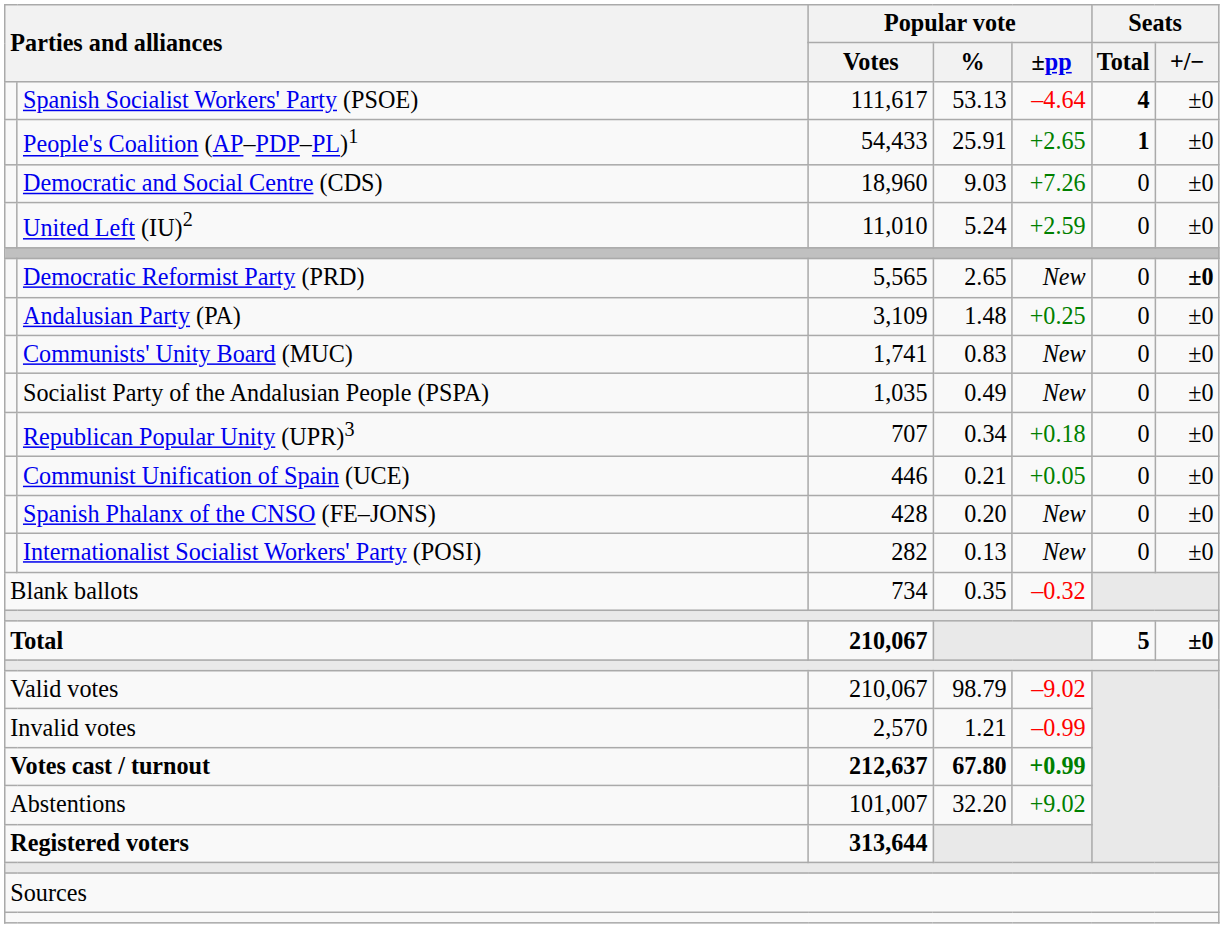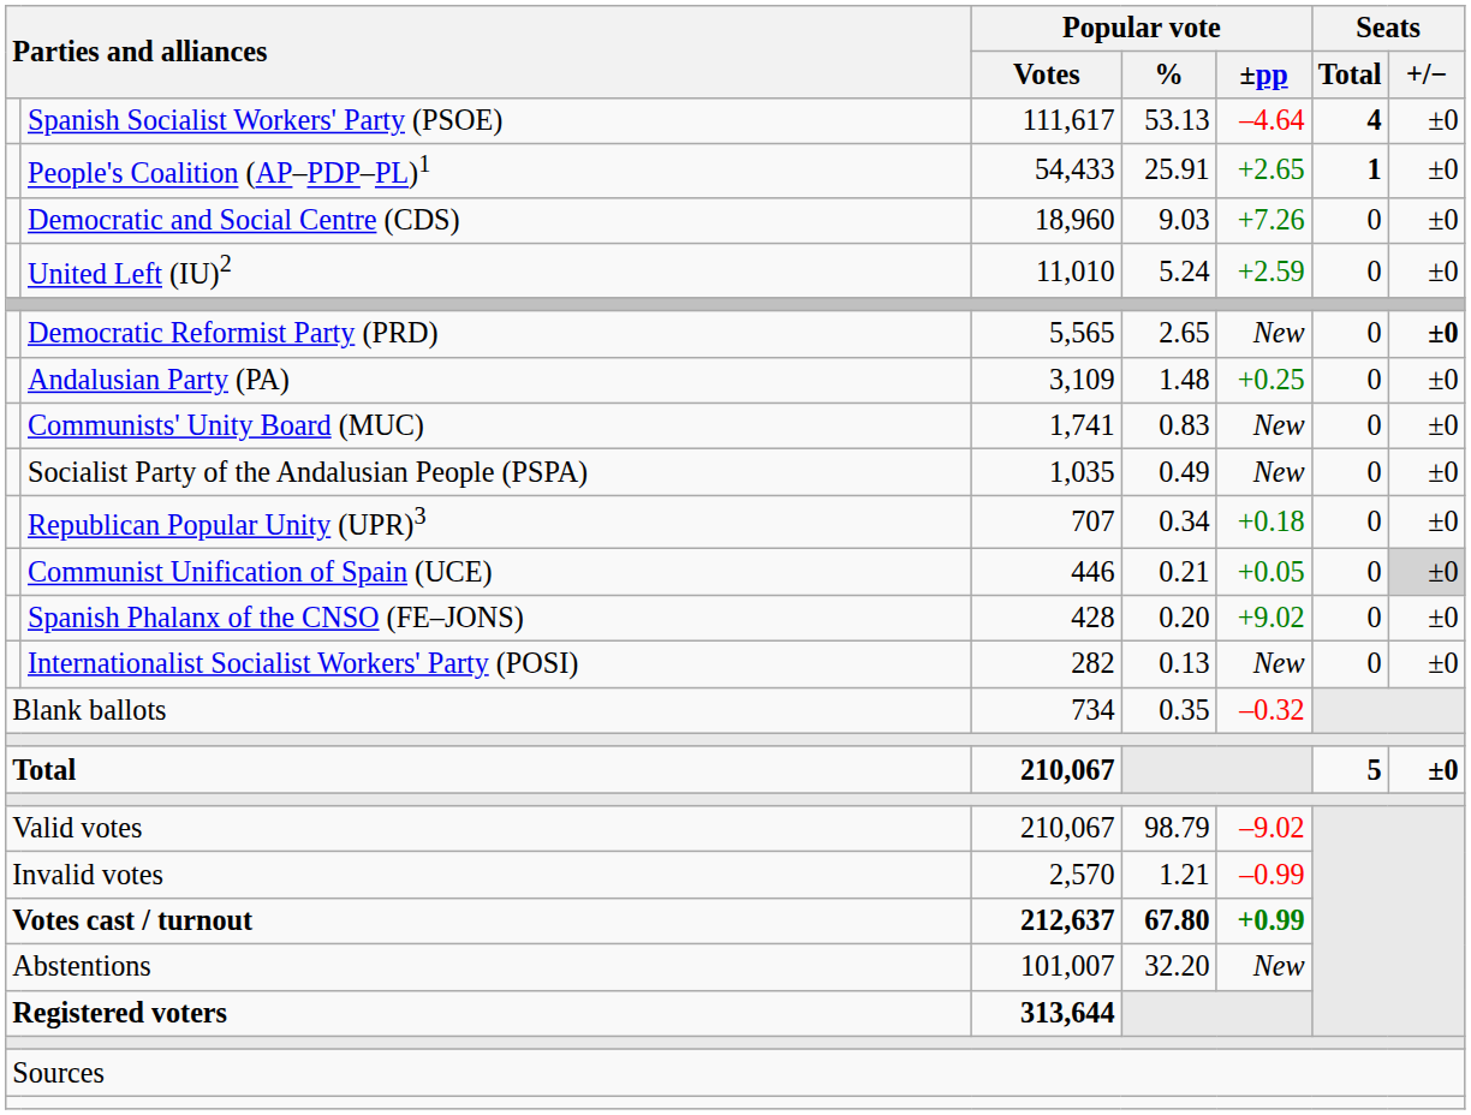 <table class="wikitable" style="text-align:right;">
 <tr>
 <th style="text-align:left;" rowspan="2" colspan="2" width="525">Parties and alliances</th>
 <th colspan="3">Popular vote</th>
 <th colspan="2">Seats</th>
 </tr>
 <tr>
 <th width="75">Votes</th>
 <th width="45">%</th>
 <th width="45">±<a href='#'>pp</a></th>
 <th width="35">Total</th>
 <th width="35">+/−</th>
 </tr>
 <tr>
 <td width="1" style="color:inherit;background:"></td>
 <td align="left"><a href='#'>Spanish Socialist Workers' Party</a> (PSOE)</td>
 <td>111,617</td>
 <td>53.13</td>
 <td style="color:red;">–4.64</td>
 <td><strong>4</strong></td>
 <td>±0</td>
 </tr>
 <tr>
 <td style="color:inherit;background:"></td>
 <td align="left"><a href='#'>People's Coalition</a> (<a href='#'>AP</a>–<a href='#'>PDP</a>–<a href='#'>PL</a>)<sup>1</sup></td>
 <td>54,433</td>
 <td>25.91</td>
 <td style="color:green;">+2.65</td>
 <td><strong>1</strong></td>
 <td>±0</td>
 </tr>
 <tr>
 <td style="color:inherit;background:"></td>
 <td align="left"><a href='#'>Democratic and Social Centre</a> (CDS)</td>
 <td>18,960</td>
 <td>9.03</td>
 <td style="color:green;">+7.26</td>
 <td>0</td>
 <td>±0</td>
 </tr>
 <tr>
 <td style="color:inherit;background:"></td>
 <td align="left"><a href='#'>United Left</a> (IU)<sup>2</sup></td>
 <td>11,010</td>
 <td>5.24</td>
 <td style="color:green;">+2.59</td>
 <td>0</td>
 <td>±0</td>
 </tr>
 <tr>
 <td colspan="7" bgcolor="#C0C0C0"></td>
 </tr>
 <tr>
 <td style="color:inherit;background:"></td>
 <td align="left"><a href='#'>Democratic Reformist Party</a> (PRD)</td>
 <td>5,565</td>
 <td>2.65</td>
 <td><em>New</em></td>
 <td>0</td>
 <td><strong>±0</strong></td>
 </tr>
 <tr>
 <td style="color:inherit;background:"></td>
 <td align="left"><a href='#'>Andalusian Party</a> (PA)</td>
 <td>3,109</td>
 <td>1.48</td>
 <td style="color:green;">+0.25</td>
 <td>0</td>
 <td>±0</td>
 </tr>
 <tr>
 <td style="color:inherit;background:"></td>
 <td align="left"><a href='#'>Communists' Unity Board</a> (MUC)</td>
 <td>1,741</td>
 <td>0.83</td>
 <td><em>New</em></td>
 <td>0</td>
 <td>±0</td>
 </tr>
 <tr>
 <td style="color:inherit;background:"></td>
 <td align="left">Socialist Party of the Andalusian People (PSPA)</td>
 <td>1,035</td>
 <td>0.49</td>
 <td><em>New</em></td>
 <td>0</td>
 <td>±0</td>
 </tr>
 <tr>
 <td style="color:inherit;background:"></td>
 <td align="left"><a href='#'>Republican Popular Unity</a> (UPR)<sup>3</sup></td>
 <td>707</td>
 <td>0.34</td>
 <td style="color:green;">+0.18</td>
 <td>0</td>
 <td>±0</td>
 </tr>
 <tr>
 <td style="color:inherit;background:"></td>
 <td align="left"><a href='#'>Communist Unification of Spain</a> (UCE)</td>
 <td>446</td>
 <td>0.21</td>
 <td style="color:green;">+0.05</td>
 <td>0</td>
-<td>±0</td>
+<td style="background: lightgrey;">±0</td>
 </tr>
 <tr>
 <td style="color:inherit;background:"></td>
 <td align="left"><a href='#'>Spanish Phalanx of the CNSO</a> (FE–JONS)</td>
 <td>428</td>
 <td>0.20</td>
-<td><em>New</em></td>
+<td style="color:green;">+9.02</td>
 <td>0</td>
 <td>±0</td>
 </tr>
 <tr>
 <td style="color:inherit;background:"></td>
 <td align="left"><a href='#'>Internationalist Socialist Workers' Party</a> (POSI)</td>
 <td>282</td>
 <td>0.13</td>
 <td><em>New</em></td>
 <td>0</td>
 <td>±0</td>
 </tr>
 <tr>
 <td align="left" colspan="2">Blank ballots</td>
 <td>734</td>
 <td>0.35</td>
 <td style="color:red;">–0.32</td>
 <td bgcolor="#E9E9E9" colspan="2"></td>
 </tr>
 <tr>
 <td colspan="7" bgcolor="#E9E9E9"></td>
 </tr>
 <tr style="font-weight:bold;">
 <td align="left" colspan="2">Total</td>
 <td>210,067</td>
 <td bgcolor="#E9E9E9" colspan="2"></td>
 <td>5</td>
 <td>±0</td>
 </tr>
 <tr>
 <td colspan="7" bgcolor="#E9E9E9"></td>
 </tr>
 <tr>
 <td align="left" colspan="2">Valid votes</td>
 <td>210,067</td>
 <td>98.79</td>
 <td style="color:red;">–9.02</td>
 <td bgcolor="#E9E9E9" colspan="2" rowspan="5"></td>
 </tr>
 <tr>
 <td align="left" colspan="2">Invalid votes</td>
 <td>2,570</td>
 <td>1.21</td>
 <td style="color:red;">–0.99</td>
 </tr>
 <tr style="font-weight:bold;">
 <td align="left" colspan="2">Votes cast / turnout</td>
 <td>212,637</td>
 <td>67.80</td>
 <td style="color:green;">+0.99</td>
 </tr>
 <tr>
 <td align="left" colspan="2">Abstentions</td>
 <td>101,007</td>
 <td>32.20</td>
-<td style="color:green;">+9.02</td>
+<td><em>New</em></td>
 </tr>
 <tr style="font-weight:bold;">
 <td align="left" colspan="2">Registered voters</td>
 <td>313,644</td>
 <td bgcolor="#E9E9E9" colspan="2"></td>
 </tr>
 <tr>
 <td colspan="7" bgcolor="#E9E9E9"></td>
 </tr>
 <tr>
 <td align="left" colspan="7">Sources</td>
 </tr>
 <tr>
 <td colspan="7" style="text-align:left; max-width:790px;"></td>
 </tr>
 </table>
